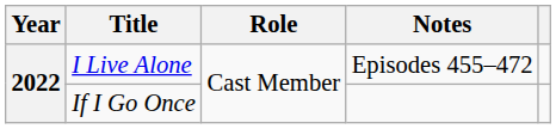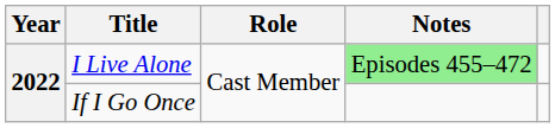 <table class="wikitable plainrowheaders">
 <tr>
 <th scope="col">Year</th>
 <th scope="col">Title</th>
 <th scope="col">Role</th>
 <th scope="col">Notes</th>
 <th scope="col" class="unsortable"></th>
 </tr>
 <tr>
 <th scope="row" rowspan="2">2022</th>
 <td><em><a href='#'>I Live Alone</a></em></td>
 <td rowspan="2">Cast Member</td>
-<td>Episodes 455–472</td>
+<td style="background: lightgreen;">Episodes 455–472</td>
 <td style="text-align:center"></td>
 </tr>
 <tr>
 <td><em>If I Go Once</em> </td>
 <td></td>
 <td style="text-align:center"></td>
 </tr>
 </table>
